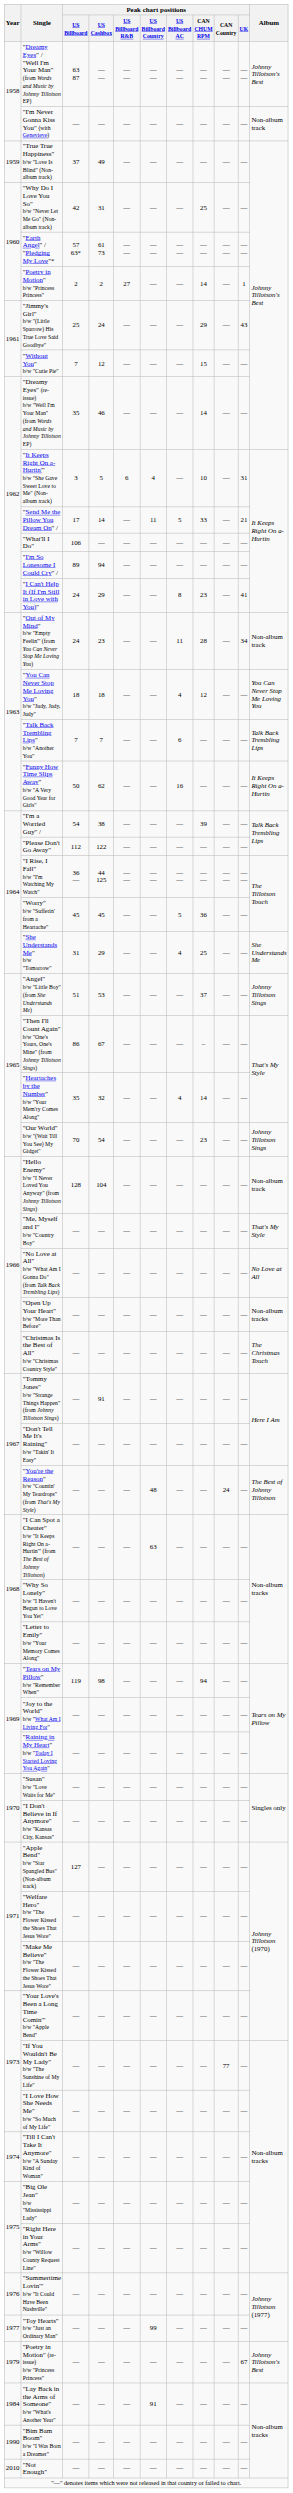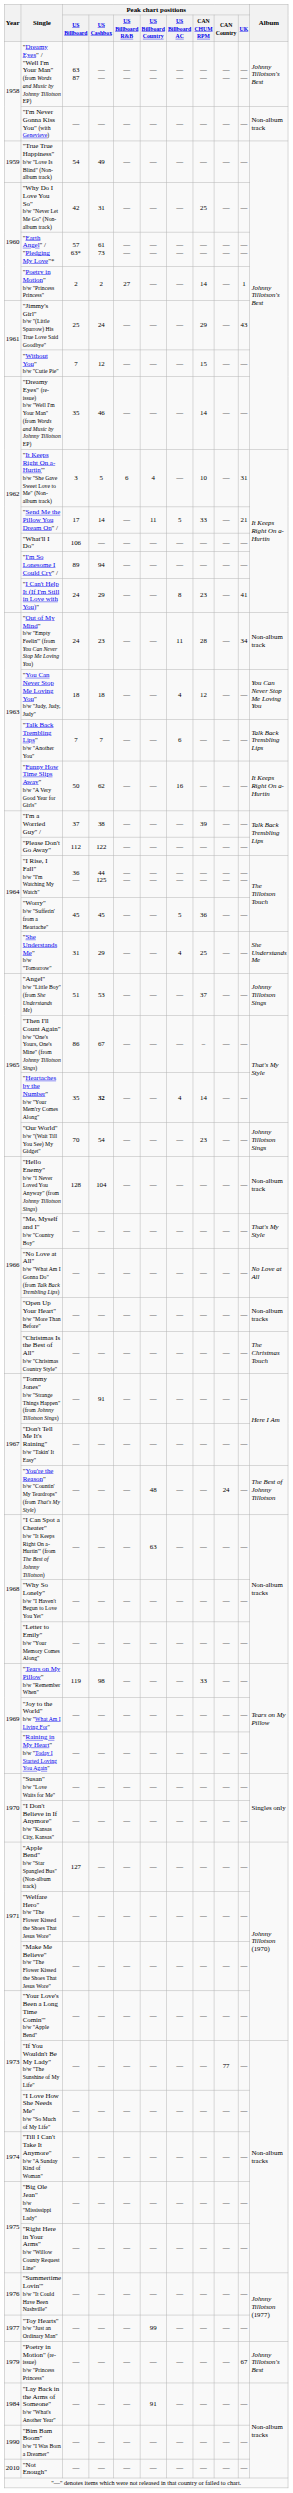 <table class="wikitable">
 <tr>
 <th rowspan="2">Year</th>
 <th rowspan="2">Single</th>
 <th colspan="8">Peak chart positions</th>
 <th rowspan="2">Album</th>
 </tr>
 <tr>
 <th style="width:45px;"><small><a href='#'>US Billboard</a></small></th>
 <th style="width:45px;"><small><a href='#'>US Cashbox</a></small></th>
 <th style="width:45px;"><small><a href='#'>US Billboard R&B</a></small></th>
 <th style="width:45px;"><small><a href='#'>US Billboard Country</a></small></th>
 <th style="width:45px;"><small><a href='#'>US Billboard AC</a></small></th>
 <th style="width:45px;"><small>CAN<br><a href='#'>CHUM</a><br><a href='#'>RPM</a></small></th>
 <th style="width:45px;"><small>CAN Country</small></th>
 <th style="width:45px;"><small><a href='#'>UK</a></small></th>
 </tr>
 <tr>
 <td rowspan="2">1958</td>
 <td>"<a href='#'>Dreamy Eyes</a>" /<br>"Well I'm Your Man"<small> (from <em>Words and Music by Johnny Tillotson</em> EP)</small></td>
 <td style="text-align:center;">63<br>87</td>
 <td style="text-align:center;">—<br>—</td>
 <td style="text-align:center;">—<br>—</td>
 <td style="text-align:center;">—<br>—</td>
 <td style="text-align:center;">—<br>—</td>
 <td style="text-align:center;">—<br>—</td>
 <td style="text-align:center;">—<br>—</td>
 <td style="text-align:center;">—<br>—</td>
 <td><em>Johnny Tillotson's Best</em></td>
 </tr>
 <tr>
 <td>"I'm Never Gonna Kiss You" <small>(with <a href='#'>Genevieve</a>)</small></td>
 <td style="text-align:center;">—</td>
 <td style="text-align:center;">—</td>
 <td style="text-align:center;">—</td>
 <td style="text-align:center;">—</td>
 <td style="text-align:center;">—</td>
 <td style="text-align:center;">—</td>
 <td style="text-align:center;">—</td>
 <td style="text-align:center;">—</td>
 <td>Non-album track</td>
 </tr>
 <tr>
 <td>1959</td>
 <td>"True True Happiness"<br><small>b/w "Love Is Blind" (Non-album track)</small></td>
-<td style="text-align:center;">37</td>
+<td style="text-align:center;">54</td>
 <td style="text-align:center;">49</td>
 <td style="text-align:center;">—</td>
 <td style="text-align:center;">—</td>
 <td style="text-align:center;">—</td>
 <td style="text-align:center;">—</td>
 <td style="text-align:center;">—</td>
 <td style="text-align:center;">—</td>
 <td rowspan="7"><em>Johnny Tillotson's Best</em></td>
 </tr>
 <tr>
 <td rowspan="3">1960</td>
 <td>"Why Do I Love You So"<br><small>b/w "Never Let Me Go" (Non-album track)</small></td>
 <td style="text-align:center;">42</td>
 <td style="text-align:center;">31</td>
 <td style="text-align:center;">—</td>
 <td style="text-align:center;">—</td>
 <td style="text-align:center;">—</td>
 <td style="text-align:center;">25</td>
 <td style="text-align:center;">—</td>
 <td style="text-align:center;">—</td>
 </tr>
 <tr>
 <td>"<a href='#'>Earth Angel</a>" /<br> "<a href='#'>Pledging My Love</a>"*</td>
 <td style="text-align:center;">57<br>63*</td>
 <td style="text-align:center;">61<br>73</td>
 <td style="text-align:center;">—<br>—</td>
 <td style="text-align:center;">—<br>—</td>
 <td style="text-align:center;">—<br>—</td>
 <td style="text-align:center;">—<br>—</td>
 <td style="text-align:center;">—<br>—</td>
 <td style="text-align:center;">—<br>—</td>
 </tr>
 <tr>
 <td>"<a href='#'>Poetry in Motion</a>"<br><small>b/w "Princess Princess"</small></td>
 <td style="text-align:center;">2</td>
 <td style="text-align:center;">2</td>
 <td style="text-align:center;">27</td>
 <td style="text-align:center;">—</td>
 <td style="text-align:center;">—</td>
 <td style="text-align:center;">14</td>
 <td style="text-align:center;">—</td>
 <td style="text-align:center;">1</td>
 </tr>
 <tr>
 <td rowspan="2">1961</td>
 <td>"Jimmy's Girl"<br><small>b/w "(Little Sparrow) His True Love Said Goodbye"</small></td>
 <td style="text-align:center;">25</td>
 <td style="text-align:center;">24</td>
 <td style="text-align:center;">—</td>
 <td style="text-align:center;">—</td>
 <td style="text-align:center;">—</td>
 <td style="text-align:center;">29</td>
 <td style="text-align:center;">—</td>
 <td style="text-align:center;">43</td>
 </tr>
 <tr>
 <td>"<a href='#'>Without You</a>"<br><small>b/w "Cutie Pie"</small></td>
 <td style="text-align:center;">7</td>
 <td style="text-align:center;">12</td>
 <td style="text-align:center;">—</td>
 <td style="text-align:center;">—</td>
 <td style="text-align:center;">—</td>
 <td style="text-align:center;">15</td>
 <td style="text-align:center;">—</td>
 <td style="text-align:center;">—</td>
 </tr>
 <tr>
 <td rowspan="6">1962</td>
 <td>"Dreamy Eyes" <small>(re-issue)</small><br><small>b/w "Well I'm Your Man" (from <em>Words and Music by Johnny Tillotson</em> EP)</small></td>
 <td style="text-align:center;">35</td>
 <td style="text-align:center;">46</td>
 <td style="text-align:center;">—</td>
 <td style="text-align:center;">—</td>
 <td style="text-align:center;">—</td>
 <td style="text-align:center;">14</td>
 <td style="text-align:center;">—</td>
 <td style="text-align:center;">—</td>
 </tr>
 <tr>
 <td>"<a href='#'>It Keeps Right On a-Hurtin'</a>"<br><small>b/w "She Gave Sweet Love to Me" (Non-album track)</small></td>
 <td style="text-align:center;">3</td>
 <td style="text-align:center;">5</td>
 <td style="text-align:center;">6</td>
 <td style="text-align:center;">4</td>
 <td style="text-align:center;">—</td>
 <td style="text-align:center;">10</td>
 <td style="text-align:center;">—</td>
 <td style="text-align:center;">31</td>
 <td rowspan="5"><em>It Keeps Right On a-Hurtin</em></td>
 </tr>
 <tr>
 <td>"<a href='#'>Send Me the Pillow You Dream On</a>" /</td>
 <td style="text-align:center;">17</td>
 <td style="text-align:center;">14</td>
 <td style="text-align:center;">—</td>
 <td style="text-align:center;">11</td>
 <td style="text-align:center;">5</td>
 <td style="text-align:center;">33</td>
 <td style="text-align:center;">—</td>
 <td style="text-align:center;">21</td>
 </tr>
 <tr>
 <td>"What'll I Do"</td>
 <td style="text-align:center;">106</td>
 <td style="text-align:center;">—</td>
 <td style="text-align:center;">—</td>
 <td style="text-align:center;">—</td>
 <td style="text-align:center;">—</td>
 <td style="text-align:center;">—</td>
 <td style="text-align:center;">—</td>
 <td style="text-align:center;">—</td>
 </tr>
 <tr>
 <td>"<a href='#'>I'm So Lonesome I Could Cry</a>" /</td>
 <td style="text-align:center;">89</td>
 <td style="text-align:center;">94</td>
 <td style="text-align:center;">—</td>
 <td style="text-align:center;">—</td>
 <td style="text-align:center;">—</td>
 <td style="text-align:center;">—</td>
 <td style="text-align:center;">—</td>
 <td style="text-align:center;">—</td>
 </tr>
 <tr>
 <td>"<a href='#'>I Can't Help It (If I'm Still in Love with You)</a>"</td>
 <td style="text-align:center;">24</td>
 <td style="text-align:center;">29</td>
 <td style="text-align:center;">—</td>
 <td style="text-align:center;">—</td>
 <td style="text-align:center;">8</td>
 <td style="text-align:center;">23</td>
 <td style="text-align:center;">—</td>
 <td style="text-align:center;">41</td>
 </tr>
 <tr>
 <td rowspan="4">1963</td>
 <td>"<a href='#'>Out of My Mind</a>"<br><small>b/w "Empty Feelin'" (from <em>You Can Never Stop Me Loving You</em>)</small></td>
 <td style="text-align:center;">24</td>
 <td style="text-align:center;">23</td>
 <td style="text-align:center;">—</td>
 <td style="text-align:center;">—</td>
 <td style="text-align:center;">11</td>
 <td style="text-align:center;">28</td>
 <td style="text-align:center;">—</td>
 <td style="text-align:center;">34</td>
 <td>Non-album track</td>
 </tr>
 <tr>
 <td>"<a href='#'>You Can Never Stop Me Loving You</a>"<br><small>b/w "Judy, Judy, Judy"</small></td>
 <td style="text-align:center;">18</td>
 <td style="text-align:center;">18</td>
 <td style="text-align:center;">—</td>
 <td style="text-align:center;">—</td>
 <td style="text-align:center;">4</td>
 <td style="text-align:center;">12</td>
 <td style="text-align:center;">—</td>
 <td style="text-align:center;">—</td>
 <td><em>You Can Never Stop Me Loving You</em></td>
 </tr>
 <tr>
 <td>"<a href='#'>Talk Back Trembling Lips</a>"<br><small>b/w "Another You"</small></td>
 <td style="text-align:center;">7</td>
 <td style="text-align:center;">7</td>
 <td style="text-align:center;">—</td>
 <td style="text-align:center;">—</td>
 <td style="text-align:center;">6</td>
 <td style="text-align:center;">—</td>
 <td style="text-align:center;">—</td>
 <td style="text-align:center;">—</td>
 <td><em>Talk Back Trembling Lips</em></td>
 </tr>
 <tr>
 <td>"<a href='#'>Funny How Time Slips Away</a>"<br><small>b/w "A Very Good Year for Girls"</small></td>
 <td style="text-align:center;">50</td>
 <td style="text-align:center;">62</td>
 <td style="text-align:center;">—</td>
 <td style="text-align:center;">—</td>
 <td style="text-align:center;">16</td>
 <td style="text-align:center;">—</td>
 <td style="text-align:center;">—</td>
 <td style="text-align:center;">—</td>
 <td><em>It Keeps Right On a-Hurtin</em></td>
 </tr>
 <tr>
 <td rowspan="5">1964</td>
 <td>"I'm a Worried Guy" /</td>
-<td style="text-align:center;">54</td>
+<td style="text-align:center;">37</td>
 <td style="text-align:center;">38</td>
 <td style="text-align:center;">—</td>
 <td style="text-align:center;">—</td>
 <td style="text-align:center;">—</td>
 <td style="text-align:center;">39</td>
 <td style="text-align:center;">—</td>
 <td style="text-align:center;">—</td>
 <td rowspan="2"><em>Talk Back Trembling Lips</em></td>
 </tr>
 <tr>
 <td>"Please Don't Go Away"</td>
 <td style="text-align:center;">112</td>
 <td style="text-align:center;">122</td>
 <td style="text-align:center;">—</td>
 <td style="text-align:center;">—</td>
 <td style="text-align:center;">—</td>
 <td style="text-align:center;">—</td>
 <td style="text-align:center;">—</td>
 <td style="text-align:center;">—</td>
 </tr>
 <tr>
 <td>"I Rise, I Fall"<br><small>b/w "I'm Watching My Watch"</small></td>
 <td style="text-align:center;">36<br>—</td>
 <td style="text-align:center;">44<br>125</td>
 <td style="text-align:center;">—<br>—</td>
 <td style="text-align:center;">—<br>—</td>
 <td style="text-align:center;">—<br>—</td>
 <td style="text-align:center;">—<br>—</td>
 <td style="text-align:center;">—<br>—</td>
 <td style="text-align:center;">—<br>—</td>
 <td rowspan="2"><em>The Tillotson Touch</em></td>
 </tr>
 <tr>
 <td>"Worry"<br><small>b/w "Sufferin' from a Heartache"</small></td>
 <td style="text-align:center;">45</td>
 <td style="text-align:center;">45</td>
 <td style="text-align:center;">—</td>
 <td style="text-align:center;">—</td>
 <td style="text-align:center;">5</td>
 <td style="text-align:center;">36</td>
 <td style="text-align:center;">—</td>
 <td style="text-align:center;">—</td>
 </tr>
 <tr>
 <td>"<a href='#'>She Understands Me</a>"<br><small>b/w "Tomorrow"</small></td>
 <td style="text-align:center;">31</td>
 <td style="text-align:center;">29</td>
 <td style="text-align:center;">—</td>
 <td style="text-align:center;">—</td>
 <td style="text-align:center;">4</td>
 <td style="text-align:center;">25</td>
 <td style="text-align:center;">—</td>
 <td style="text-align:center;">—</td>
 <td><em>She Understands Me</em></td>
 </tr>
 <tr>
 <td rowspan="4">1965</td>
 <td>"Angel"<br><small>b/w "Little Boy" (from <em>She Understands Me</em>)</small></td>
 <td style="text-align:center;">51</td>
 <td style="text-align:center;">53</td>
 <td style="text-align:center;">—</td>
 <td style="text-align:center;">—</td>
 <td style="text-align:center;">—</td>
 <td style="text-align:center;">37</td>
 <td style="text-align:center;">—</td>
 <td style="text-align:center;">—</td>
 <td><em>Johnny Tillotson Sings</em></td>
 </tr>
 <tr>
 <td>"Then I'll Count Again"<br><small>b/w "One's Yours, One's Mine" (from <em>Johnny Tillotson Sings</em>)</small></td>
 <td style="text-align:center;">86</td>
 <td style="text-align:center;">67</td>
 <td style="text-align:center;">—</td>
 <td style="text-align:center;">—</td>
 <td style="text-align:center;">—</td>
 <td style="text-align:center;">–</td>
 <td style="text-align:center;">—</td>
 <td style="text-align:center;">—</td>
 <td rowspan="2"><em>That's My Style</em></td>
 </tr>
 <tr>
 <td>"<a href='#'>Heartaches by the Number</a>"<br><small>b/w "Your Mem'ry Comes Along"</small></td>
 <td style="text-align:center;">35</td>
-<td style="text-align:center;">32</td>
+<td style="text-align:center;"><strong>32</strong></td>
 <td style="text-align:center;">—</td>
 <td style="text-align:center;">—</td>
 <td style="text-align:center;">4</td>
 <td style="text-align:center;">14</td>
 <td style="text-align:center;">—</td>
 <td style="text-align:center;">—</td>
 </tr>
 <tr>
 <td>"Our World"<br><small>b/w "(Wait Till You See) My Gidget"</small></td>
 <td style="text-align:center;">70</td>
 <td style="text-align:center;">54</td>
 <td style="text-align:center;">—</td>
 <td style="text-align:center;">—</td>
 <td style="text-align:center;">—</td>
 <td style="text-align:center;">23</td>
 <td style="text-align:center;">—</td>
 <td style="text-align:center;">—</td>
 <td><em>Johnny Tillotson Sings</em></td>
 </tr>
 <tr>
 <td rowspan="5">1966</td>
 <td>"Hello Enemy"<br><small>b/w "I Never Loved You Anyway" (from <em>Johnny Tillotson Sings</em>)</small></td>
 <td style="text-align:center;">128</td>
 <td style="text-align:center;">104</td>
 <td style="text-align:center;">—</td>
 <td style="text-align:center;">—</td>
 <td style="text-align:center;">—</td>
 <td style="text-align:center;">—</td>
 <td style="text-align:center;">—</td>
 <td style="text-align:center;">—</td>
 <td>Non-album track</td>
 </tr>
 <tr>
 <td>"Me, Myself and I"<br><small>b/w "Country Boy"</small></td>
 <td style="text-align:center;">—</td>
 <td style="text-align:center;">—</td>
 <td style="text-align:center;">—</td>
 <td style="text-align:center;">—</td>
 <td style="text-align:center;">—</td>
 <td style="text-align:center;">—</td>
 <td style="text-align:center;">—</td>
 <td style="text-align:center;">—</td>
 <td><em>That's My Style</em></td>
 </tr>
 <tr>
 <td>"No Love at All"<br><small>b/w "What Am I Gonna Do" (from <em>Talk Back Trembling Lips</em>)</small></td>
 <td style="text-align:center;">—</td>
 <td style="text-align:center;">—</td>
 <td style="text-align:center;">—</td>
 <td style="text-align:center;">—</td>
 <td style="text-align:center;">—</td>
 <td style="text-align:center;">—</td>
 <td style="text-align:center;">—</td>
 <td style="text-align:center;">—</td>
 <td><em>No Love at All</em></td>
 </tr>
 <tr>
 <td>"Open Up Your Heart"<br><small>b/w "More Than Before"</small></td>
 <td style="text-align:center;">—</td>
 <td style="text-align:center;">—</td>
 <td style="text-align:center;">—</td>
 <td style="text-align:center;">—</td>
 <td style="text-align:center;">—</td>
 <td style="text-align:center;">—</td>
 <td style="text-align:center;">—</td>
 <td style="text-align:center;">—</td>
 <td>Non-album tracks</td>
 </tr>
 <tr>
 <td>"Christmas Is the Best of All"<br><small>b/w "Christmas Country Style"</small></td>
 <td style="text-align:center;">—</td>
 <td style="text-align:center;">—</td>
 <td style="text-align:center;">—</td>
 <td style="text-align:center;">—</td>
 <td style="text-align:center;">—</td>
 <td style="text-align:center;">—</td>
 <td style="text-align:center;">—</td>
 <td style="text-align:center;">—</td>
 <td><em>The Christmas Touch</em></td>
 </tr>
 <tr>
 <td rowspan="3">1967</td>
 <td>"Tommy Jones"<br><small>b/w "Strange Things Happen" (from <em>Johnny Tillotson Sings</em>)</small></td>
 <td style="text-align:center;">—</td>
 <td style="text-align:center;">91</td>
 <td style="text-align:center;">—</td>
 <td style="text-align:center;">—</td>
 <td style="text-align:center;">—</td>
 <td style="text-align:center;">—</td>
 <td style="text-align:center;">—</td>
 <td style="text-align:center;">—</td>
 <td rowspan="2"><em>Here I Am</em></td>
 </tr>
 <tr>
 <td>"Don't Tell Me It's Raining"<br><small>b/w "Takin' It Easy"</small></td>
 <td style="text-align:center;">—</td>
 <td style="text-align:center;">—</td>
 <td style="text-align:center;">—</td>
 <td style="text-align:center;">—</td>
 <td style="text-align:center;">—</td>
 <td style="text-align:center;">—</td>
 <td style="text-align:center;">—</td>
 <td style="text-align:center;">—</td>
 </tr>
 <tr>
 <td>"<a href='#'>You're the Reason</a>"<br><small>b/w "Countin' My Teardrops" (from <em>That's My Style</em>)</small></td>
 <td style="text-align:center;">—</td>
 <td style="text-align:center;">—</td>
 <td style="text-align:center;">—</td>
 <td style="text-align:center;">48</td>
 <td style="text-align:center;">—</td>
 <td style="text-align:center;">—</td>
 <td style="text-align:center;">24</td>
 <td style="text-align:center;">—</td>
 <td><em>The Best of Johnny Tillotson</em></td>
 </tr>
 <tr>
 <td rowspan="3">1968</td>
 <td>"I Can Spot a Cheater"<br><small>b/w "It Keeps Right On a-Hurtin'" (from <em>The Best of Johnny Tillotson</em>)</small></td>
 <td style="text-align:center;">—</td>
 <td style="text-align:center;">—</td>
 <td style="text-align:center;">—</td>
 <td style="text-align:center;">63</td>
 <td style="text-align:center;">—</td>
 <td style="text-align:center;">—</td>
 <td style="text-align:center;">—</td>
 <td style="text-align:center;">—</td>
 <td rowspan="3">Non-album tracks</td>
 </tr>
 <tr>
 <td>"Why So Lonely"<br><small>b/w "I Haven't Begun to Love You Yet"</small></td>
 <td style="text-align:center;">—</td>
 <td style="text-align:center;">—</td>
 <td style="text-align:center;">—</td>
 <td style="text-align:center;">—</td>
 <td style="text-align:center;">—</td>
 <td style="text-align:center;">—</td>
 <td style="text-align:center;">—</td>
 <td style="text-align:center;">—</td>
 </tr>
 <tr>
 <td>"Letter to Emily"<br><small>b/w "Your Memory Comes Along"</small></td>
 <td style="text-align:center;">—</td>
 <td style="text-align:center;">—</td>
 <td style="text-align:center;">—</td>
 <td style="text-align:center;">—</td>
 <td style="text-align:center;">—</td>
 <td style="text-align:center;">—</td>
 <td style="text-align:center;">—</td>
 <td style="text-align:center;">—</td>
 </tr>
 <tr>
 <td rowspan="3">1969</td>
 <td>"<a href='#'>Tears on My Pillow</a>"<br><small>b/w "Remember When"</small></td>
 <td style="text-align:center;">119</td>
 <td style="text-align:center;">98</td>
 <td style="text-align:center;">—</td>
 <td style="text-align:center;">—</td>
 <td style="text-align:center;">—</td>
-<td style="text-align:center;">94</td>
+<td style="text-align:center;">33</td>
 <td style="text-align:center;">—</td>
 <td style="text-align:center;">—</td>
 <td rowspan="3"><em>Tears on My Pillow</em></td>
 </tr>
 <tr>
 <td>"Joy to the World"<br><small>b/w "<a href='#'>What Am I Living For</a>"</small></td>
 <td style="text-align:center;">—</td>
 <td style="text-align:center;">—</td>
 <td style="text-align:center;">—</td>
 <td style="text-align:center;">—</td>
 <td style="text-align:center;">—</td>
 <td style="text-align:center;">—</td>
 <td style="text-align:center;">—</td>
 <td style="text-align:center;">—</td>
 </tr>
 <tr>
 <td>"<a href='#'>Raining in My Heart</a>"<br><small>b/w "<a href='#'>Today I Started Loving You Again</a>"</small></td>
 <td style="text-align:center;">—</td>
 <td style="text-align:center;">—</td>
 <td style="text-align:center;">—</td>
 <td style="text-align:center;">—</td>
 <td style="text-align:center;">—</td>
 <td style="text-align:center;">—</td>
 <td style="text-align:center;">—</td>
 <td style="text-align:center;">—</td>
 </tr>
 <tr>
 <td rowspan="2">1970</td>
 <td>"Susan"<br><small>b/w "Love Waits for Me"</small></td>
 <td style="text-align:center;">—</td>
 <td style="text-align:center;">—</td>
 <td style="text-align:center;">—</td>
 <td style="text-align:center;">—</td>
 <td style="text-align:center;">—</td>
 <td style="text-align:center;">—</td>
 <td style="text-align:center;">—</td>
 <td style="text-align:center;">—</td>
 <td rowspan="2">Singles only</td>
 </tr>
 <tr>
 <td>"I Don't Believe in If Anymore"<br><small>b/w "Kansas City, Kansas"</small></td>
 <td style="text-align:center;">—</td>
 <td style="text-align:center;">—</td>
 <td style="text-align:center;">—</td>
 <td style="text-align:center;">—</td>
 <td style="text-align:center;">—</td>
 <td style="text-align:center;">—</td>
 <td style="text-align:center;">—</td>
 <td style="text-align:center;">—</td>
 </tr>
 <tr>
 <td rowspan="3">1971</td>
 <td>"Apple Bend"<br><small>b/w "Star Spangled Bus" (Non-album track)</small></td>
 <td style="text-align:center;">127</td>
 <td style="text-align:center;">—</td>
 <td style="text-align:center;">—</td>
 <td style="text-align:center;">—</td>
 <td style="text-align:center;">—</td>
 <td style="text-align:center;">—</td>
 <td style="text-align:center;">—</td>
 <td style="text-align:center;">—</td>
 <td rowspan="4"><em>Johnny Tillotson</em> (1970)</td>
 </tr>
 <tr>
 <td>"Welfare Hero"<br><small>b/w "The Flower Kissed the Shoes That Jesus Wore"</small></td>
 <td style="text-align:center;">—</td>
 <td style="text-align:center;">—</td>
 <td style="text-align:center;">—</td>
 <td style="text-align:center;">—</td>
 <td style="text-align:center;">—</td>
 <td style="text-align:center;">—</td>
 <td style="text-align:center;">—</td>
 <td style="text-align:center;">—</td>
 </tr>
 <tr>
 <td>"Make Me Believe"<br><small>b/w "The Flower Kissed the Shoes That Jesus Wore"</small></td>
 <td style="text-align:center;">—</td>
 <td style="text-align:center;">—</td>
 <td style="text-align:center;">—</td>
 <td style="text-align:center;">—</td>
 <td style="text-align:center;">—</td>
 <td style="text-align:center;">—</td>
 <td style="text-align:center;">—</td>
 <td style="text-align:center;">—</td>
 </tr>
 <tr>
 <td rowspan="3">1973</td>
 <td>"Your Love's Been a Long Time Comin'"<br><small>b/w "Apple Bend"</small></td>
 <td style="text-align:center;">—</td>
 <td style="text-align:center;">—</td>
 <td style="text-align:center;">—</td>
 <td style="text-align:center;">—</td>
 <td style="text-align:center;">—</td>
 <td style="text-align:center;">—</td>
 <td style="text-align:center;">—</td>
 <td style="text-align:center;">—</td>
 </tr>
 <tr>
 <td>"If You Wouldn't Be My Lady"<br><small>b/w "The Sunshine of My Life"</small></td>
 <td style="text-align:center;">—</td>
 <td style="text-align:center;">—</td>
 <td style="text-align:center;">—</td>
 <td style="text-align:center;">—</td>
 <td style="text-align:center;">—</td>
 <td style="text-align:center;">—</td>
 <td style="text-align:center;">77</td>
 <td style="text-align:center;">—</td>
 <td rowspan="5">Non-album tracks</td>
 </tr>
 <tr>
 <td>"I Love How She Needs Me"<br><small>b/w "So Much of My Life"</small></td>
 <td style="text-align:center;">—</td>
 <td style="text-align:center;">—</td>
 <td style="text-align:center;">—</td>
 <td style="text-align:center;">—</td>
 <td style="text-align:center;">—</td>
 <td style="text-align:center;">—</td>
 <td style="text-align:center;">—</td>
 <td style="text-align:center;">—</td>
 </tr>
 <tr>
 <td>1974</td>
 <td>"Till I Can't Take It Anymore"<br><small>b/w "A Sunday Kind of Woman"</small></td>
 <td style="text-align:center;">—</td>
 <td style="text-align:center;">—</td>
 <td style="text-align:center;">—</td>
 <td style="text-align:center;">—</td>
 <td style="text-align:center;">—</td>
 <td style="text-align:center;">—</td>
 <td style="text-align:center;">—</td>
 <td style="text-align:center;">—</td>
 </tr>
 <tr>
 <td rowspan="2">1975</td>
 <td>"Big Ole Jean"<br><small>b/w "Mississippi Lady"</small></td>
 <td style="text-align:center;">—</td>
 <td style="text-align:center;">—</td>
 <td style="text-align:center;">—</td>
 <td style="text-align:center;">—</td>
 <td style="text-align:center;">—</td>
 <td style="text-align:center;">—</td>
 <td style="text-align:center;">—</td>
 <td style="text-align:center;">—</td>
 </tr>
 <tr>
 <td>"Right Here in Your Arms"<br><small>b/w "Willow County Request Line"</small></td>
 <td style="text-align:center;">—</td>
 <td style="text-align:center;">—</td>
 <td style="text-align:center;">—</td>
 <td style="text-align:center;">—</td>
 <td style="text-align:center;">—</td>
 <td style="text-align:center;">—</td>
 <td style="text-align:center;">—</td>
 <td style="text-align:center;">—</td>
 </tr>
 <tr>
 <td>1976</td>
 <td>"Summertime Lovin'"<br><small>b/w "It Could Have Been Nashville"</small></td>
 <td style="text-align:center;">—</td>
 <td style="text-align:center;">—</td>
 <td style="text-align:center;">—</td>
 <td style="text-align:center;">—</td>
 <td style="text-align:center;">—</td>
 <td style="text-align:center;">—</td>
 <td style="text-align:center;">—</td>
 <td style="text-align:center;">—</td>
 <td rowspan="2"><em>Johnny Tillotson</em> (1977)</td>
 </tr>
 <tr>
 <td>1977</td>
 <td>"Toy Hearts"<br><small>b/w "Just an Ordinary Man"</small></td>
 <td style="text-align:center;">—</td>
 <td style="text-align:center;">—</td>
 <td style="text-align:center;">—</td>
 <td style="text-align:center;">99</td>
 <td style="text-align:center;">—</td>
 <td style="text-align:center;">—</td>
 <td style="text-align:center;">—</td>
 <td style="text-align:center;">—</td>
 </tr>
 <tr>
 <td>1979</td>
 <td>"Poetry in Motion" <small>(re-issue)</small><br><small> b/w "Princess Princess"</small></td>
 <td style="text-align:center;">—</td>
 <td style="text-align:center;">—</td>
 <td style="text-align:center;">—</td>
 <td style="text-align:center;">—</td>
 <td style="text-align:center;">—</td>
 <td style="text-align:center;">—</td>
 <td style="text-align:center;">—</td>
 <td style="text-align:center;">67</td>
 <td><em>Johnny Tillotson's Best</em></td>
 </tr>
 <tr>
 <td>1984</td>
 <td>"Lay Back in the Arms of Someone"<br><small>b/w "What's Another Year"</small></td>
 <td style="text-align:center;">—</td>
 <td style="text-align:center;">—</td>
 <td style="text-align:center;">—</td>
 <td style="text-align:center;">91</td>
 <td style="text-align:center;">—</td>
 <td style="text-align:center;">—</td>
 <td style="text-align:center;">—</td>
 <td style="text-align:center;">—</td>
 <td rowspan="3">Non-album tracks</td>
 </tr>
 <tr>
 <td>1990</td>
 <td>"Bim Bam Boom"<br><small>b/w "I Was Born a Dreamer"</small></td>
 <td style="text-align:center;">—</td>
 <td style="text-align:center;">—</td>
 <td style="text-align:center;">—</td>
 <td style="text-align:center;">—</td>
 <td style="text-align:center;">—</td>
 <td style="text-align:center;">—</td>
 <td style="text-align:center;">—</td>
 <td style="text-align:center;">—</td>
 </tr>
 <tr>
 <td>2010</td>
 <td>"Not Enough"</td>
 <td style="text-align:center;">—</td>
 <td style="text-align:center;">—</td>
 <td style="text-align:center;">—</td>
 <td style="text-align:center;">—</td>
 <td style="text-align:center;">—</td>
 <td style="text-align:center;">—</td>
 <td style="text-align:center;">—</td>
 <td style="text-align:center;">—</td>
 </tr>
 <tr>
 <td colspan="11"  style="text-align:center; font-size:90%;">"—" denotes items which were not released in that country or failed to chart.</td>
 </tr>
 </table>
